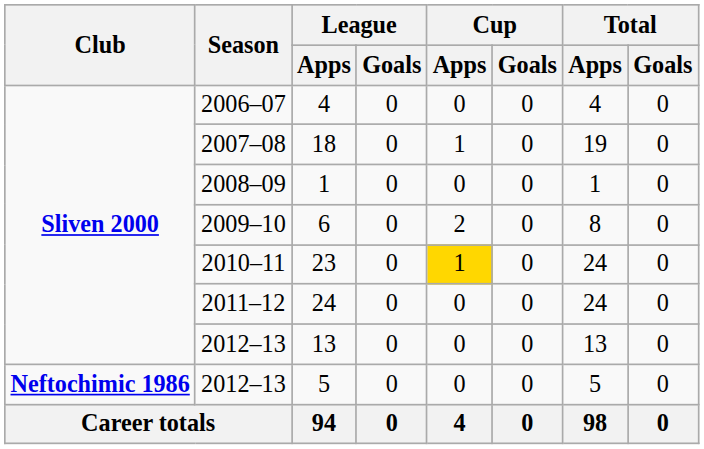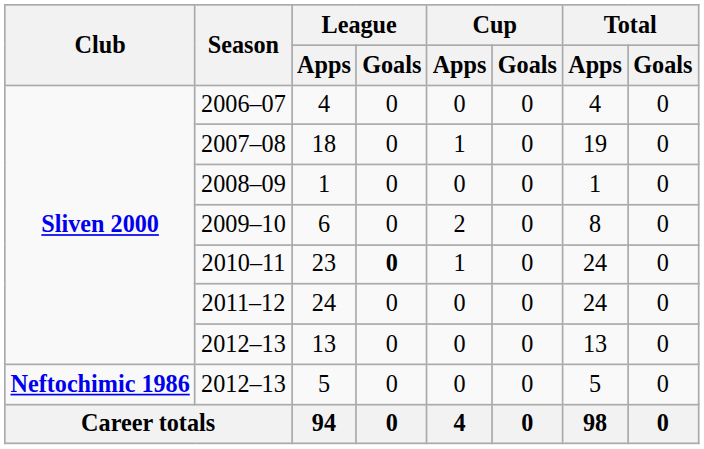 <table class="wikitable" style="font-size:90%; text-align: center;">
 <tr>
 <th rowspan="2">Club</th>
 <th rowspan="2">Season</th>
 <th colspan="2">League</th>
 <th colspan="2">Cup</th>
 <th colspan="2">Total</th>
 </tr>
 <tr>
 <th>Apps</th>
 <th>Goals</th>
 <th>Apps</th>
 <th>Goals</th>
 <th>Apps</th>
 <th>Goals</th>
 </tr>
 <tr>
 <td rowspan="7" valign="center"><strong><a href='#'>Sliven 2000</a></strong></td>
 <td>2006–07</td>
 <td>4</td>
 <td>0</td>
 <td>0</td>
 <td>0</td>
 <td>4</td>
 <td>0</td>
 </tr>
 <tr>
 <td>2007–08</td>
 <td>18</td>
 <td>0</td>
 <td>1</td>
 <td>0</td>
 <td>19</td>
 <td>0</td>
 </tr>
 <tr>
 <td>2008–09</td>
 <td>1</td>
 <td>0</td>
 <td>0</td>
 <td>0</td>
 <td>1</td>
 <td>0</td>
 </tr>
 <tr>
 <td>2009–10</td>
 <td>6</td>
 <td>0</td>
 <td>2</td>
 <td>0</td>
 <td>8</td>
 <td>0</td>
 </tr>
 <tr>
 <td>2010–11</td>
 <td>23</td>
-<td>0</td>
-<td style="background: gold;">1</td>
+<td><strong>0</strong></td>
+<td>1</td>
 <td>0</td>
 <td>24</td>
 <td>0</td>
 </tr>
 <tr>
 <td>2011–12</td>
 <td>24</td>
 <td>0</td>
 <td>0</td>
 <td>0</td>
 <td>24</td>
 <td>0</td>
 </tr>
 <tr>
 <td>2012–13</td>
 <td>13</td>
 <td>0</td>
 <td>0</td>
 <td>0</td>
 <td>13</td>
 <td>0</td>
 </tr>
 <tr>
 <td rowspan="1" valign="center"><strong><a href='#'>Neftochimic 1986</a></strong></td>
 <td>2012–13</td>
 <td>5</td>
 <td>0</td>
 <td>0</td>
 <td>0</td>
 <td>5</td>
 <td>0</td>
 </tr>
 <tr>
 <th colspan="2">Career totals</th>
 <th>94</th>
 <th>0</th>
 <th>4</th>
 <th>0</th>
 <th>98</th>
 <th>0</th>
 </tr>
 </table>
